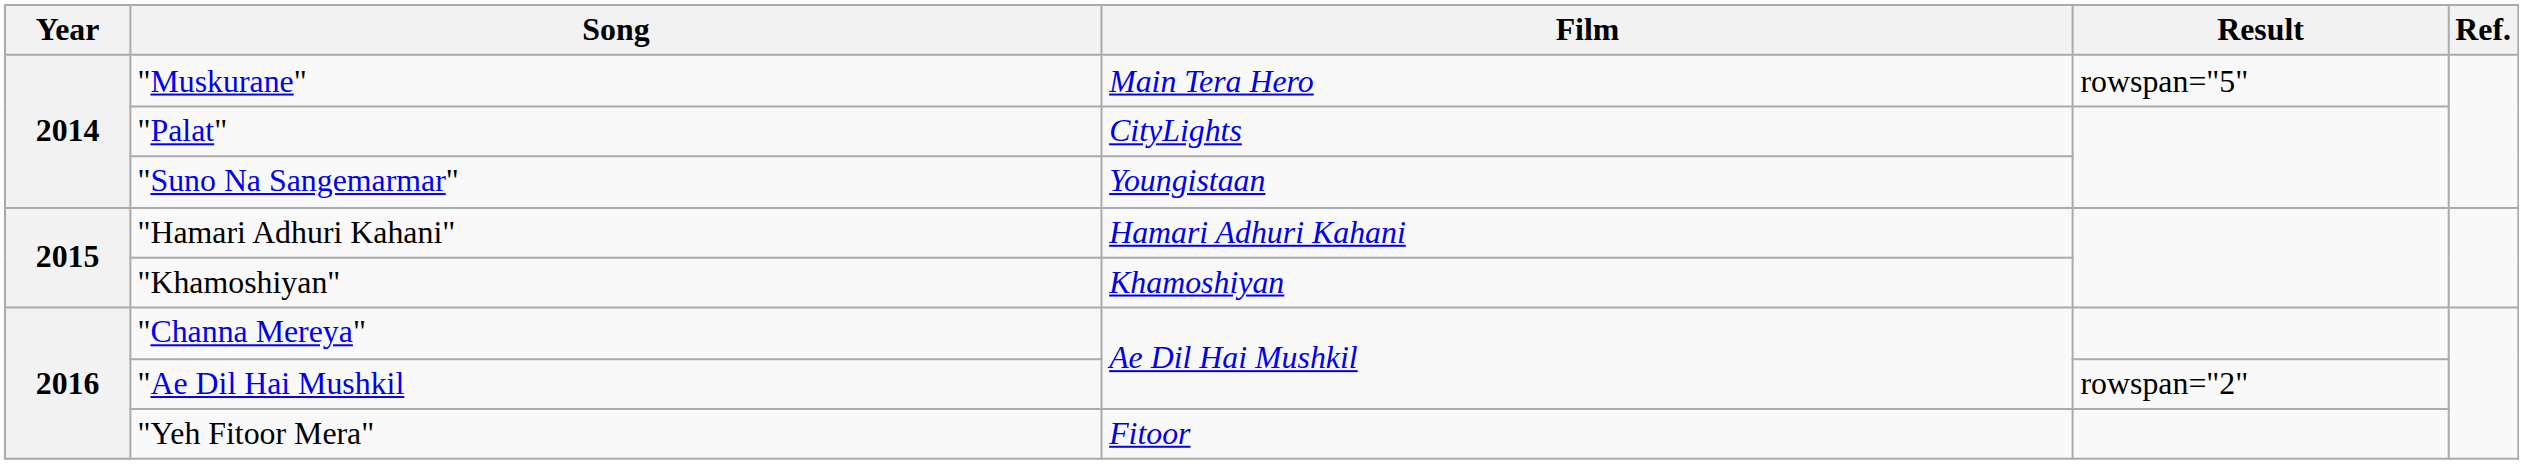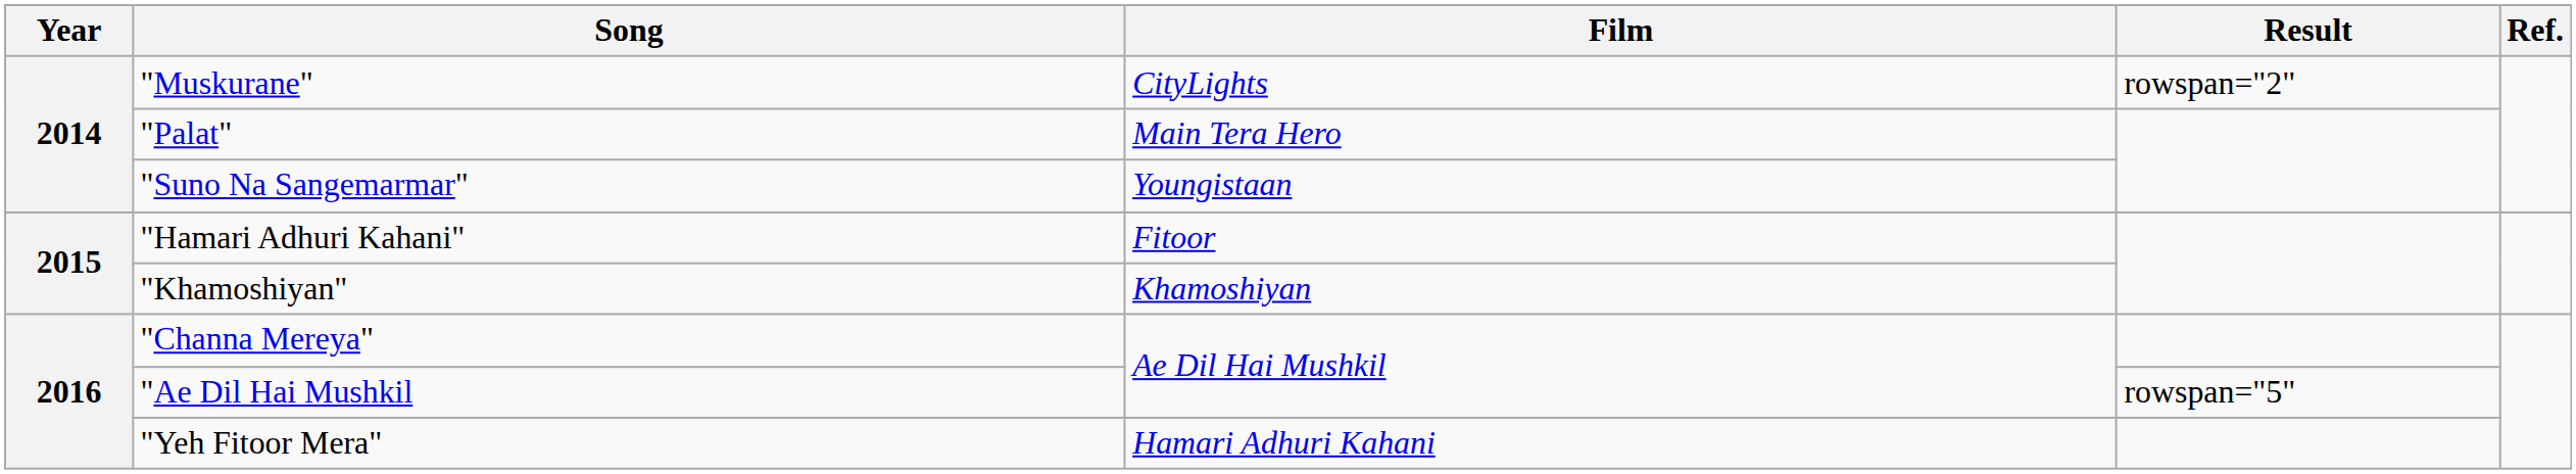 <table class="wikitable plainrowheaders" width="100%" "textcolor:#000;">
 <tr>
 <th scope="col" width=5%><strong>Year</strong></th>
 <th scope="col" width=39%><strong>Song</strong></th>
 <th scope="col" width=39%><strong>Film</strong></th>
 <th scope="col" width=15%><strong>Result</strong></th>
 <th scope="col" width=2%><strong>Ref.</strong></th>
 </tr>
 <tr>
 <th rowspan="3" scope="row">2014</th>
 <td>"<a href='#'>Muskurane</a>"</td>
-<td><em><a href='#'>Main Tera Hero</a></em></td>
-<td>rowspan="5" </td>
+<td><em><a href='#'>CityLights</a></em></td>
+<td>rowspan="2" </td>
 <td rowspan="3"></td>
 </tr>
 <tr>
 <td>"<a href='#'>Palat</a>"</td>
-<td><em><a href='#'>CityLights</a></em></td>
+<td><em><a href='#'>Main Tera Hero</a></em></td>
 </tr>
 <tr>
 <td>"<a href='#'>Suno Na Sangemarmar</a>"</td>
 <td><em><a href='#'>Youngistaan</a></em></td>
 </tr>
 <tr>
 <th rowspan="2"  scope="row">2015</th>
 <td>"Hamari Adhuri Kahani"</td>
-<td><em><a href='#'>Hamari Adhuri Kahani</a></em></td>
+<td><em><a href='#'>Fitoor</a></em></td>
 <td rowspan="2"></td>
 </tr>
 <tr>
 <td>"Khamoshiyan"</td>
 <td><em><a href='#'>Khamoshiyan</a></em></td>
 </tr>
 <tr>
 <th rowspan="3"  scope="row">2016</th>
 <td>"<a href='#'>Channa Mereya</a>"</td>
 <td rowspan="2"><em><a href='#'>Ae Dil Hai Mushkil</a></em></td>
 <td></td>
 <td rowspan="3"></td>
 </tr>
 <tr>
 <td>"<a href='#'>Ae Dil Hai Mushkil</a></td>
-<td>rowspan="2" </td>
+<td>rowspan="5" </td>
 </tr>
 <tr>
 <td>"Yeh Fitoor Mera"</td>
-<td><em><a href='#'>Fitoor</a></em></td>
+<td><em><a href='#'>Hamari Adhuri Kahani</a></em></td>
 </tr>
 </table>
